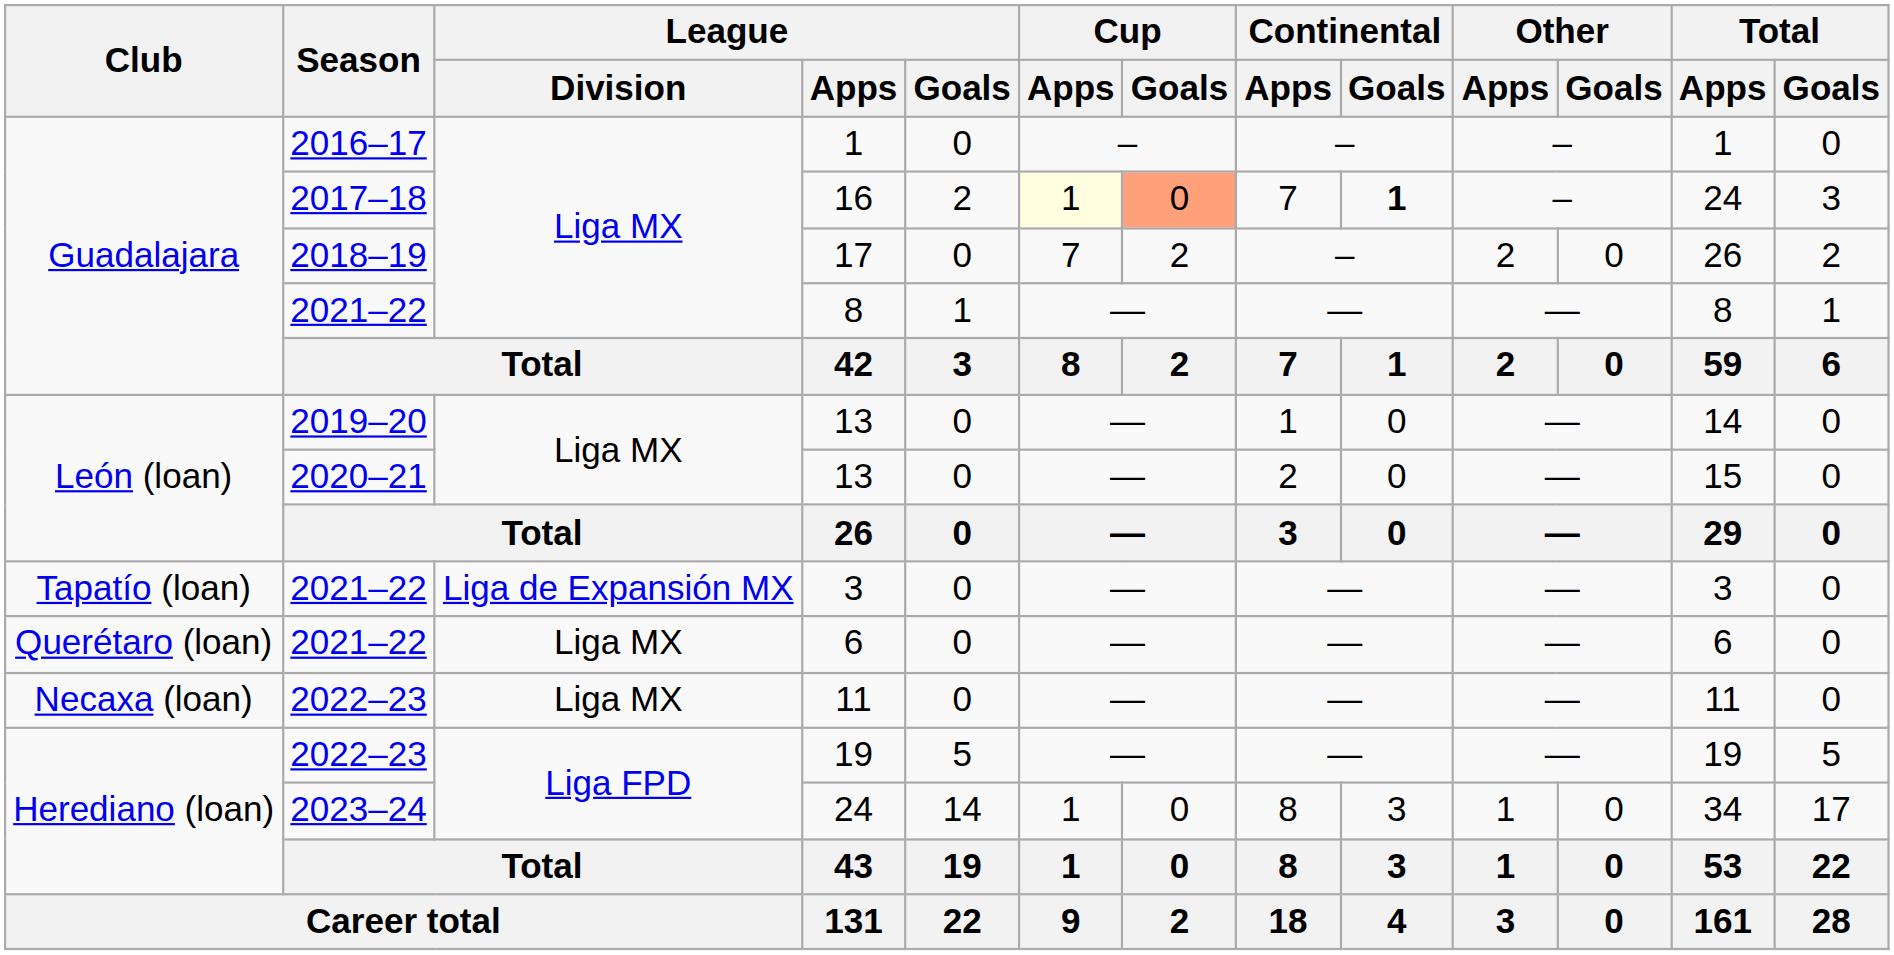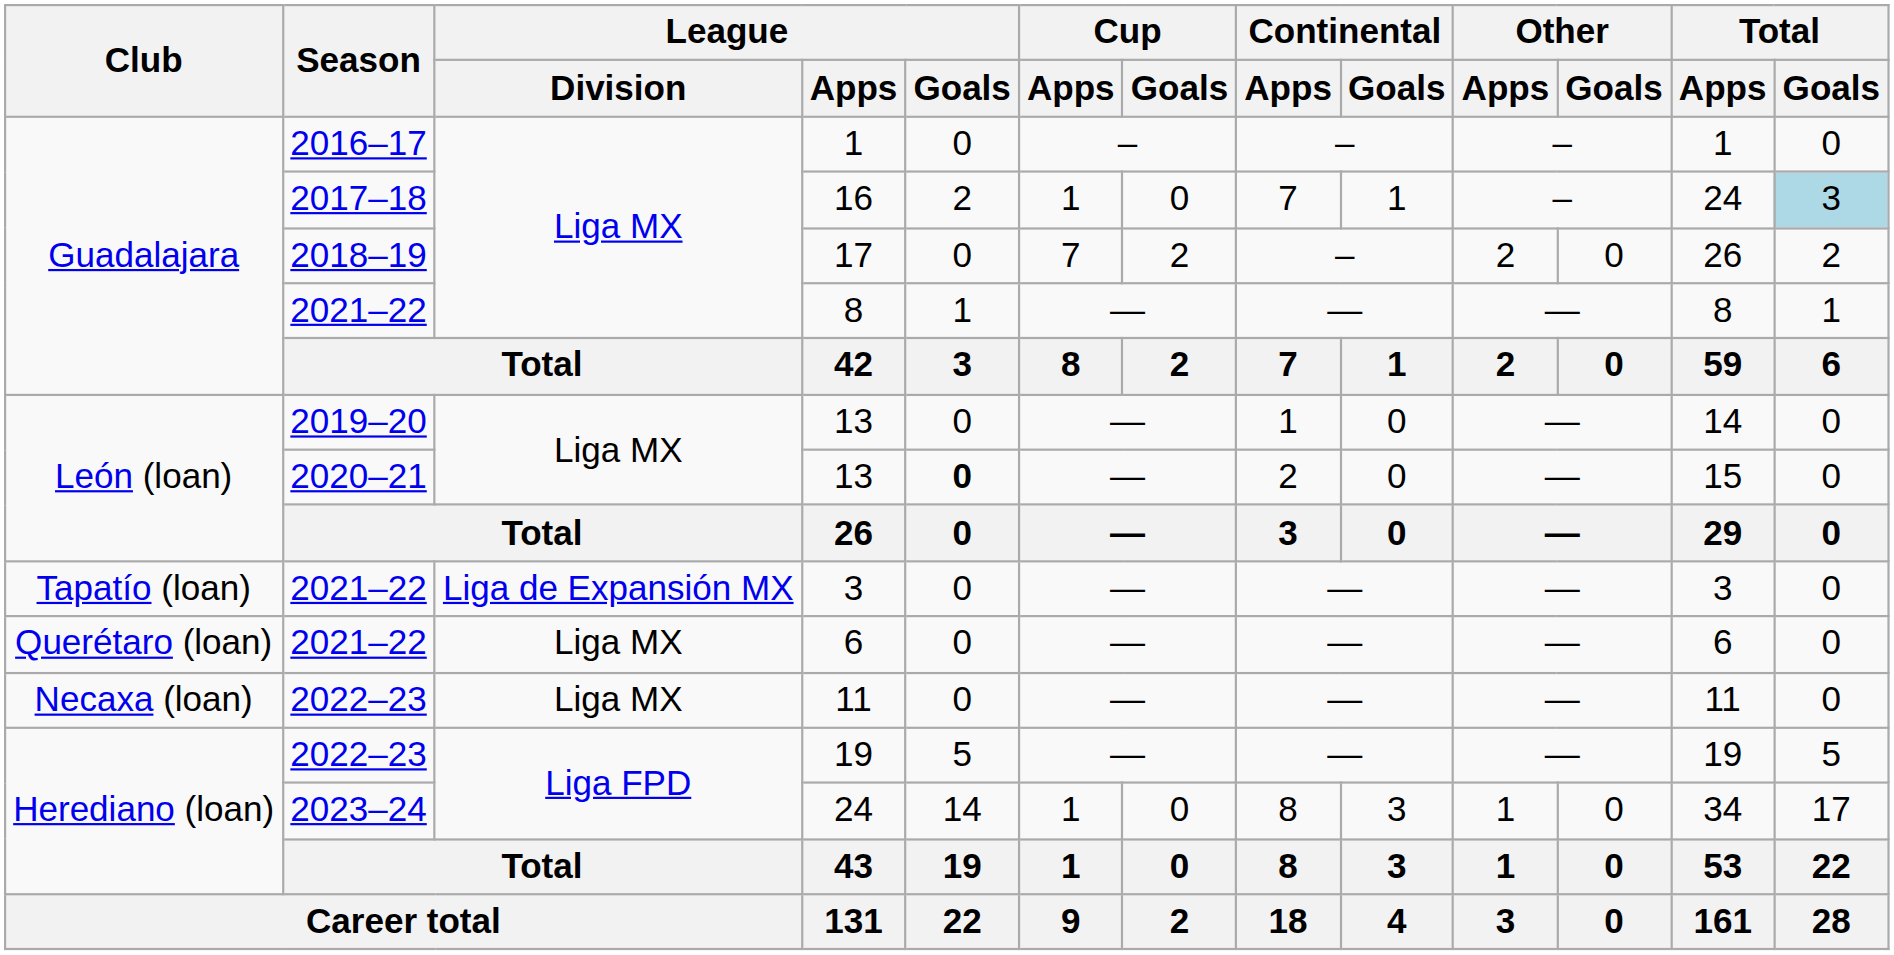 <table class="wikitable" style="text-align: center">
 <tr>
 <th rowspan="2">Club</th>
 <th rowspan="2">Season</th>
 <th colspan="3">League</th>
 <th colspan="2">Cup</th>
 <th colspan="2">Continental</th>
 <th colspan="2">Other</th>
 <th colspan="2">Total</th>
 </tr>
 <tr>
 <th>Division</th>
 <th>Apps</th>
 <th>Goals</th>
 <th>Apps</th>
 <th>Goals</th>
 <th>Apps</th>
 <th>Goals</th>
 <th>Apps</th>
 <th>Goals</th>
 <th>Apps</th>
 <th>Goals</th>
 </tr>
 <tr>
 <td rowspan="5"><a href='#'>Guadalajara</a></td>
 <td><a href='#'>2016–17</a></td>
 <td rowspan="4"><a href='#'>Liga MX</a></td>
 <td>1</td>
 <td>0</td>
 <td colspan=2>–</td>
 <td colspan=2>–</td>
 <td colspan=2>–</td>
 <td>1</td>
 <td>0</td>
 </tr>
 <tr>
 <td><a href='#'>2017–18</a></td>
 <td>16</td>
 <td>2</td>
-<td style="background: lightyellow;">1</td>
-<td style="background: lightsalmon;">0</td>
+<td>1</td>
+<td>0</td>
 <td>7</td>
-<td><strong>1</strong></td>
+<td>1</td>
 <td colspan=2>–</td>
 <td>24</td>
-<td>3</td>
+<td style="background: lightblue;">3</td>
 </tr>
 <tr>
 <td><a href='#'>2018–19</a></td>
 <td>17</td>
 <td>0</td>
 <td>7</td>
 <td>2</td>
 <td colspan=2>–</td>
 <td>2</td>
 <td>0</td>
 <td>26</td>
 <td>2</td>
 </tr>
 <tr>
 <td><a href='#'>2021–22</a></td>
 <td>8</td>
 <td>1</td>
 <td colspan="2">—</td>
 <td colspan="2">—</td>
 <td colspan="2">—</td>
 <td>8</td>
 <td>1</td>
 </tr>
 <tr>
 <th colspan="2">Total</th>
 <th>42</th>
 <th>3</th>
 <th>8</th>
 <th>2</th>
 <th>7</th>
 <th>1</th>
 <th>2</th>
 <th>0</th>
 <th>59</th>
 <th>6</th>
 </tr>
 <tr>
 <td rowspan="3"><a href='#'>León</a> (loan)</td>
 <td><a href='#'>2019–20</a></td>
 <td rowspan="2">Liga MX</td>
 <td>13</td>
 <td>0</td>
 <td colspan=2>—</td>
 <td>1</td>
 <td>0</td>
 <td colspan=2>—</td>
 <td>14</td>
 <td>0</td>
 </tr>
 <tr>
 <td><a href='#'>2020–21</a></td>
 <td>13</td>
-<td>0</td>
+<td><strong>0</strong></td>
 <td colspan=2>—</td>
 <td>2</td>
 <td>0</td>
 <td colspan=2>—</td>
 <td>15</td>
 <td>0</td>
 </tr>
 <tr>
 <th colspan="2">Total</th>
 <th>26</th>
 <th>0</th>
 <th colspan=2>—</th>
 <th>3</th>
 <th>0</th>
 <th colspan=2>—</th>
 <th>29</th>
 <th>0</th>
 </tr>
 <tr>
 <td><a href='#'>Tapatío</a> (loan)</td>
 <td><a href='#'>2021–22</a></td>
 <td><a href='#'>Liga de Expansión MX</a></td>
 <td>3</td>
 <td>0</td>
 <td colspan=2>—</td>
 <td colspan=2>—</td>
 <td colspan=2>—</td>
 <td>3</td>
 <td>0</td>
 </tr>
 <tr>
 <td><a href='#'>Querétaro</a> (loan)</td>
 <td><a href='#'>2021–22</a></td>
 <td>Liga MX</td>
 <td>6</td>
 <td>0</td>
 <td colspan=2>—</td>
 <td colspan=2>—</td>
 <td colspan=2>—</td>
 <td>6</td>
 <td>0</td>
 </tr>
 <tr>
 <td><a href='#'>Necaxa</a> (loan)</td>
 <td><a href='#'>2022–23</a></td>
 <td>Liga MX</td>
 <td>11</td>
 <td>0</td>
 <td colspan=2>—</td>
 <td colspan=2>—</td>
 <td colspan=2>—</td>
 <td>11</td>
 <td>0</td>
 </tr>
 <tr>
 <td rowspan="3"><a href='#'>Herediano</a> (loan)</td>
 <td><a href='#'>2022–23</a></td>
 <td rowspan="2"><a href='#'>Liga FPD</a></td>
 <td>19</td>
 <td>5</td>
 <td colspan=2>—</td>
 <td colspan=2>—</td>
 <td colspan=2>—</td>
 <td>19</td>
 <td>5</td>
 </tr>
 <tr>
 <td><a href='#'>2023–24</a></td>
 <td>24</td>
 <td>14</td>
 <td>1</td>
 <td>0</td>
 <td>8</td>
 <td>3</td>
 <td>1</td>
 <td>0</td>
 <td>34</td>
 <td>17</td>
 </tr>
 <tr>
 <th colspan="2">Total</th>
 <th>43</th>
 <th>19</th>
 <th>1</th>
 <th>0</th>
 <th>8</th>
 <th>3</th>
 <th>1</th>
 <th>0</th>
 <th>53</th>
 <th>22</th>
 </tr>
 <tr>
 <th colspan="3"><strong>Career total</strong></th>
 <th>131</th>
 <th>22</th>
 <th>9</th>
 <th>2</th>
 <th>18</th>
 <th>4</th>
 <th>3</th>
 <th>0</th>
 <th>161</th>
 <th>28</th>
 </tr>
 </table>
